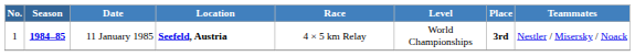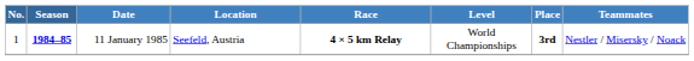 <table class="wikitable sortable" style="font-size:95%; text-align:center; border:grey solid 1px; border-collapse:collapse; background:#ffffff;">
 <tr style="background:#efefef;">
 <th style="background-color:#369; color:white;">No.</th>
 <th style="background-color:#369; color:white;">Season</th>
 <th style="background-color:#4180be; color:white; width:120px;">Date</th>
 <th style="background-color:#4180be; color:white; width:170px;">Location</th>
 <th style="background-color:#4180be; color:white; width:170px;">Race</th>
 <th style="background-color:#4180be; color:white; width:130px;">Level</th>
 <th style="background-color:#4180be; color:white;">Place</th>
 <th style="background-color:#4180be; color:white;">Teammates</th>
 </tr>
 <tr>
 <td align=center>1</td>
 <td rowspan=1 align=center><strong> <a href='#'>1984–85</a> </strong></td>
 <td align=right>11 January 1985</td>
-<td align=left><strong> <a href='#'>Seefeld</a>, Austria</strong></td>
-<td>4 × 5 km Relay</td>
+<td align=left> <a href='#'>Seefeld</a>, Austria</td>
+<td><strong>4 × 5 km Relay</strong></td>
 <td>World Championships</td>
 <td><strong>3rd</strong></td>
 <td><a href='#'>Nestler</a> / <a href='#'>Misersky</a> / <a href='#'>Noack</a></td>
 </tr>
 <tr>
 </tr>
 </table>
